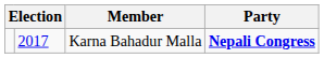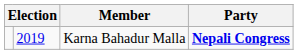 <table class="wikitable">
 <tr>
 <th colspan="2">Election</th>
 <th>Member</th>
 <th>Party</th>
 </tr>
 <tr>
 <td style="background-color:"></td>
-<td><a href='#'>2017</a></td>
+<td><a href='#'>2019</a></td>
 <td>Karna Bahadur Malla</td>
 <td><strong><a href='#'>Nepali Congress</a></strong></td>
 </tr>
 </table>
